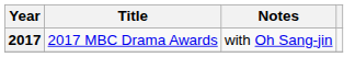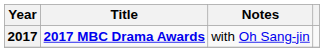 <table class="wikitable  plainrowheaders">
 <tr>
 <th scope="col">Year</th>
 <th scope="col">Title</th>
 <th scope="col">Notes</th>
 <th scope="col" class="unsortable"></th>
 </tr>
 <tr>
 <th scope="row">2017</th>
-<td><a href='#'>2017 MBC Drama Awards</a></td>
+<td><strong><a href='#'>2017 MBC Drama Awards</a></strong></td>
 <td>with <a href='#'>Oh Sang-jin</a></td>
 <td></td>
 </tr>
 <tr>
 </tr>
 </table>
